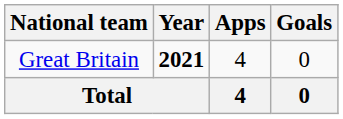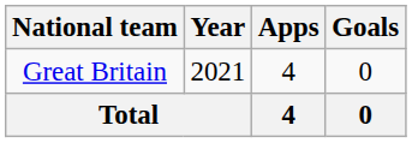 <table class="wikitable" style="text-align:center">
 <tr>
 <th>National team</th>
 <th>Year</th>
 <th>Apps</th>
 <th>Goals</th>
 </tr>
 <tr>
 <td><a href='#'>Great Britain</a></td>
-<td><strong>2021</strong></td>
+<td>2021</td>
 <td>4</td>
 <td>0</td>
 </tr>
 <tr>
 <th colspan="2">Total</th>
 <th>4</th>
 <th>0</th>
 </tr>
 </table>
